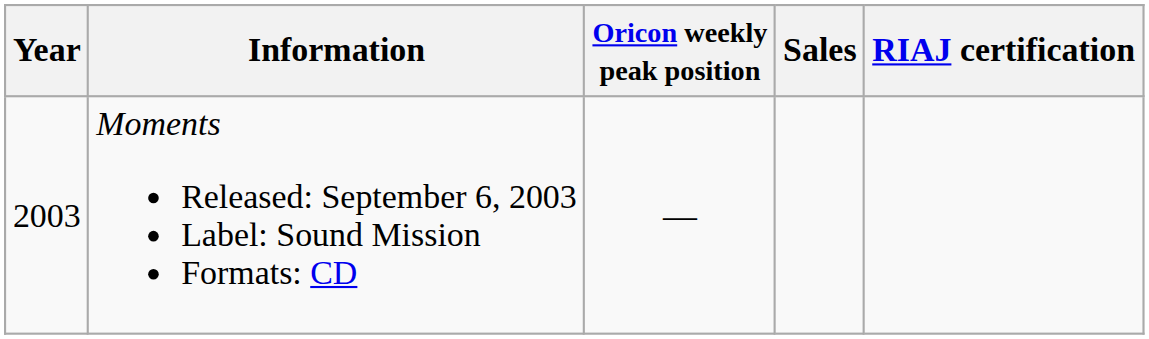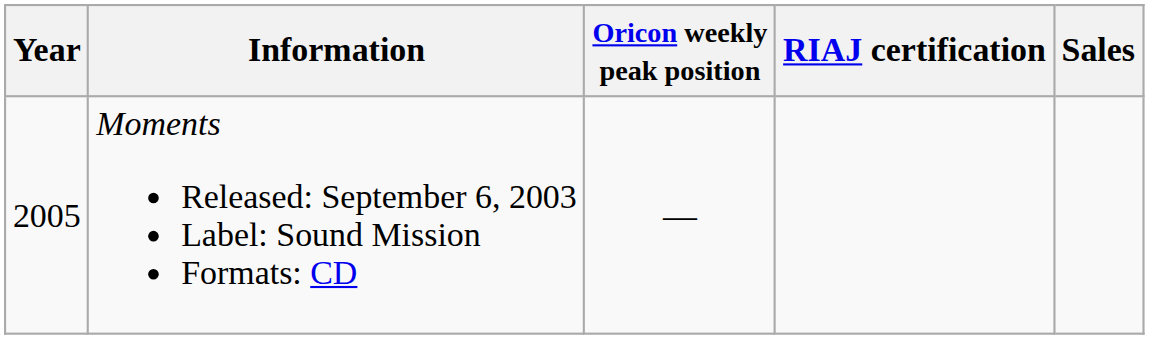 <table class="wikitable">
 <tr>
 <th>Year</th>
 <th>Information</th>
 <th><small><a href='#'>Oricon</a> weekly<br>peak position</small></th>
+<th><a href='#'>RIAJ</a> certification</th>
 <th>Sales</th>
-<th><a href='#'>RIAJ</a> certification</th>
 </tr>
 <tr>
-<td>2003</td>
+<td>2005</td>
 <td><em>Moments</em><br><ul><li>Released: September 6, 2003</li><li>Label: Sound Mission</li><li>Formats: <a href='#'>CD</a></li></ul></td>
 <td style="text-align:center;">—</td>
 <td align="left"></td>
 <td align="left"></td>
 </tr>
 </table>
